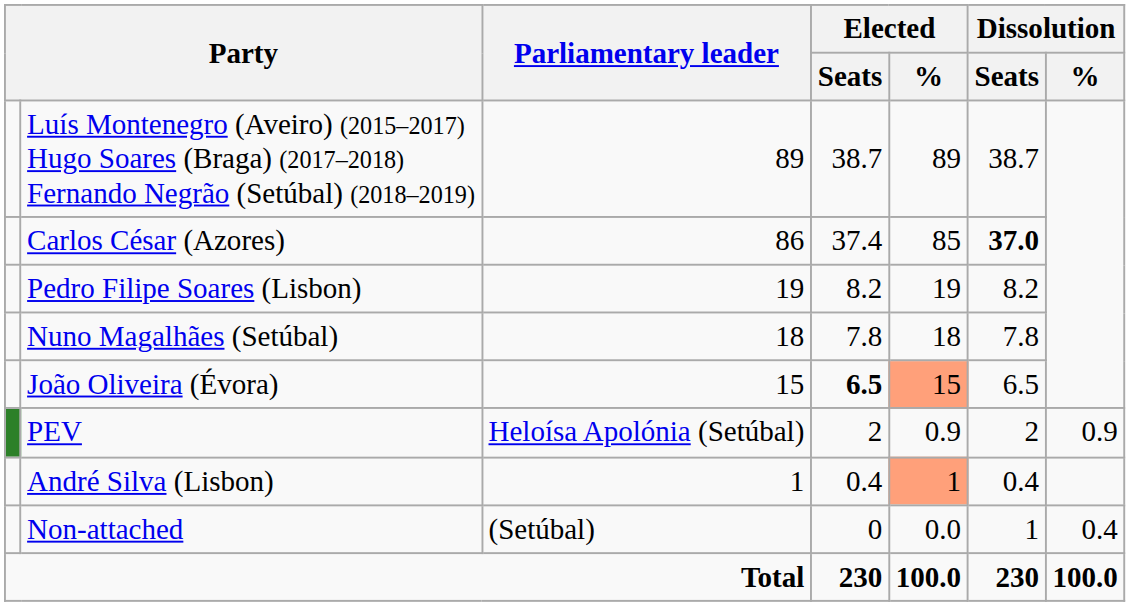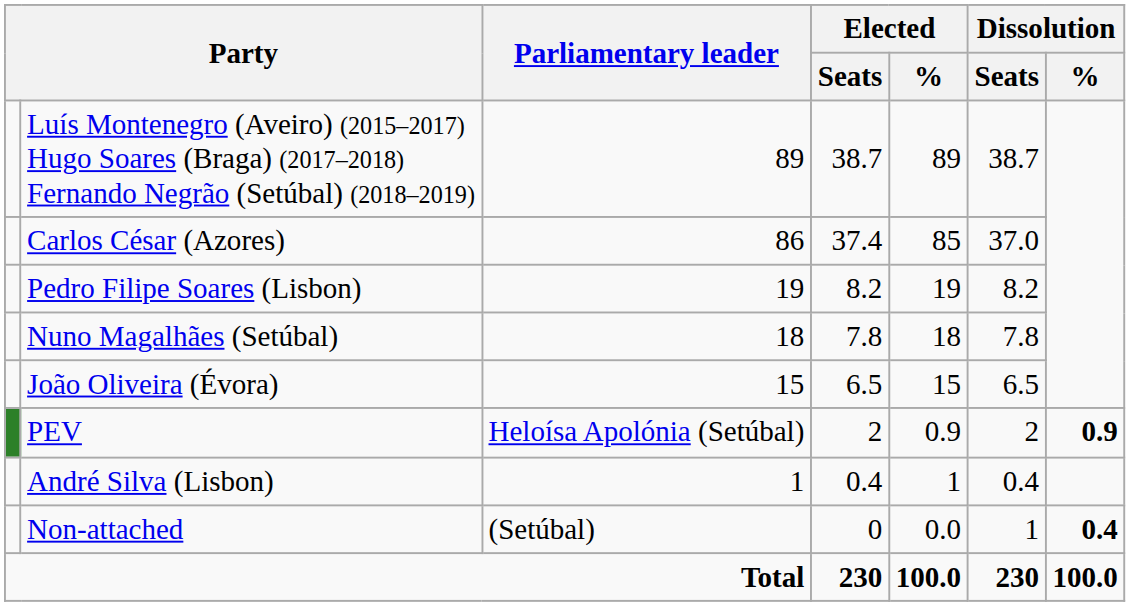 <table class="wikitable" style="text-align:right; font-size:95%;">
 <tr>
 <th colspan="2" rowspan="2">Party</th>
 <th rowspan="2"><a href='#'>Parliamentary leader</a></th>
 <th colspan="2">Elected</th>
 <th colspan="2">Dissolution</th>
 </tr>
 <tr>
 <th>Seats</th>
 <th>%</th>
 <th>Seats</th>
 <th>%</th>
 </tr>
 <tr>
 <td></td>
 <td align="left"><a href='#'>Luís Montenegro</a> (Aveiro) <small>(2015–2017)</small><br><a href='#'>Hugo Soares</a> (Braga) <small>(2017–2018)</small><br><a href='#'>Fernando Negrão</a> (Setúbal) <small>(2018–2019)</small></td>
 <td align="right">89</td>
 <td align="right">38.7</td>
 <td align="right">89</td>
 <td align="right">38.7</td>
 </tr>
 <tr>
 <td></td>
 <td align="left"><a href='#'>Carlos César</a> (Azores)</td>
 <td align="right">86</td>
 <td align="right">37.4</td>
 <td align="right">85</td>
-<td align="right"><strong>37.0</strong></td>
+<td align="right">37.0</td>
 </tr>
 <tr>
 <td></td>
 <td align="left"><a href='#'>Pedro Filipe Soares</a> (Lisbon)</td>
 <td align="right">19</td>
 <td align="right">8.2</td>
 <td align="right">19</td>
 <td align="right">8.2</td>
 </tr>
 <tr>
 <td></td>
 <td align="left"><a href='#'>Nuno Magalhães</a> (Setúbal)</td>
 <td align="right">18</td>
 <td align="right">7.8</td>
 <td align="right">18</td>
 <td align="right">7.8</td>
 </tr>
 <tr>
 <td></td>
 <td align="left"><a href='#'>João Oliveira</a> (Évora)</td>
 <td align="right">15</td>
-<td align="right"><strong>6.5</strong></td>
-<td align="right" style="background: lightsalmon;">15</td>
+<td align="right">6.5</td>
+<td align="right">15</td>
 <td align="right">6.5</td>
 </tr>
 <tr>
 <td style="width:1px; background:#2C8028; text-align:center;"></td>
 <td style="text-align:left;"><a href='#'>PEV</a></td>
 <td align="left"><a href='#'>Heloísa Apolónia</a> (Setúbal)</td>
 <td align="right">2</td>
 <td align="right">0.9</td>
 <td align="right">2</td>
-<td align="right">0.9</td>
+<td align="right"><strong>0.9</strong></td>
 </tr>
 <tr>
 <td></td>
 <td align="left"><a href='#'>André Silva</a> (Lisbon)</td>
 <td align="right">1</td>
 <td align="right">0.4</td>
-<td align="right" style="background: lightsalmon;">1</td>
+<td align="right">1</td>
 <td align="right">0.4</td>
 </tr>
 <tr>
 <td style="width:1px; background:"></td>
 <td style="text-align:left;"><a href='#'>Non-attached</a></td>
 <td align="left"> (Setúbal)</td>
 <td align="right">0</td>
 <td align="right">0.0</td>
 <td align="right">1</td>
-<td align="right">0.4</td>
+<td align="right"><strong>0.4</strong></td>
 </tr>
 <tr>
 <td colspan="3"> <strong>Total</strong></td>
 <td align="right"><strong>230</strong></td>
 <td align="right"><strong>100.0</strong></td>
 <td align="right"><strong>230</strong></td>
 <td align="right"><strong>100.0</strong></td>
 </tr>
 </table>
